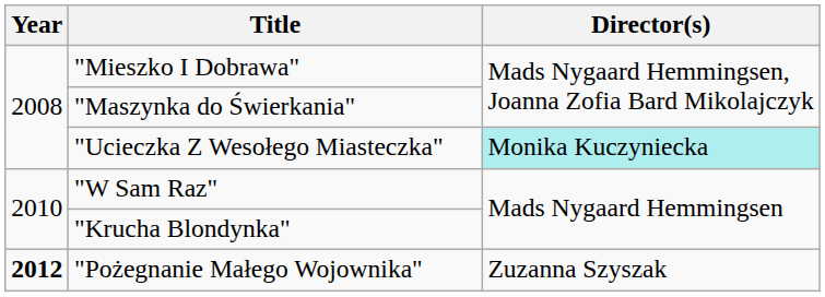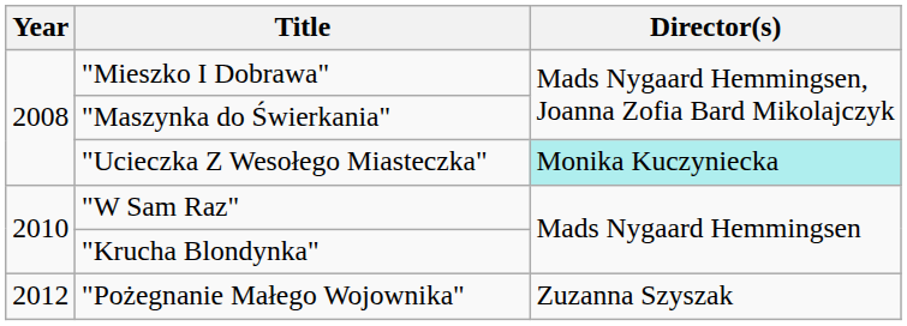 <table class="wikitable">
 <tr>
 <th>Year</th>
 <th style="width:250px;">Title</th>
 <th>Director(s)</th>
 </tr>
 <tr>
 <td rowspan="3">2008</td>
 <td>"Mieszko I Dobrawa"</td>
 <td rowspan="2">Mads Nygaard Hemmingsen,<br>Joanna Zofia Bard Mikolajczyk</td>
 </tr>
 <tr>
 <td>"Maszynka do Świerkania"</td>
 </tr>
 <tr>
 <td>"Ucieczka Z Wesołego Miasteczka"</td>
 <td style="background: paleturquoise;">Monika Kuczyniecka</td>
 </tr>
 <tr>
 <td rowspan="2">2010</td>
 <td>"W Sam Raz"</td>
 <td rowspan="2">Mads Nygaard Hemmingsen</td>
 </tr>
 <tr>
 <td>"Krucha Blondynka"</td>
 </tr>
 <tr>
-<td rowspan="1"><strong>2012</strong></td>
+<td rowspan="1">2012</td>
 <td>"Pożegnanie Małego Wojownika"</td>
 <td rowspan="2">Zuzanna Szyszak</td>
 </tr>
 </table>
